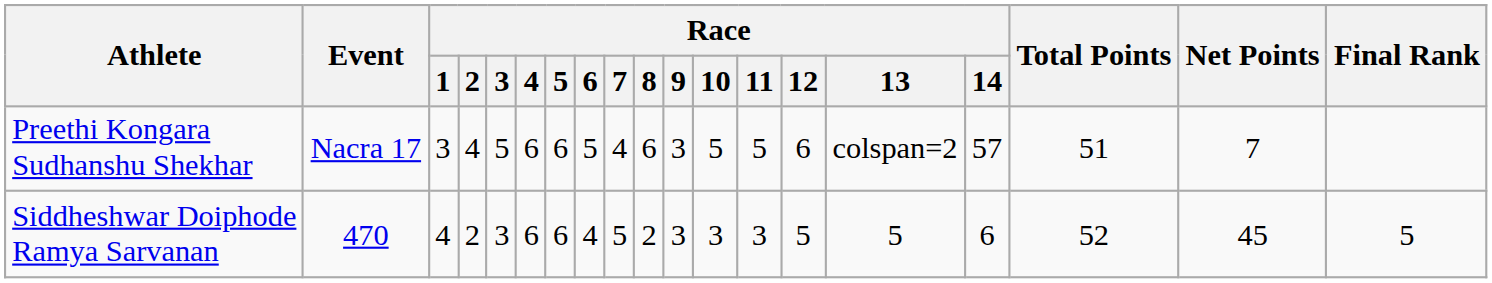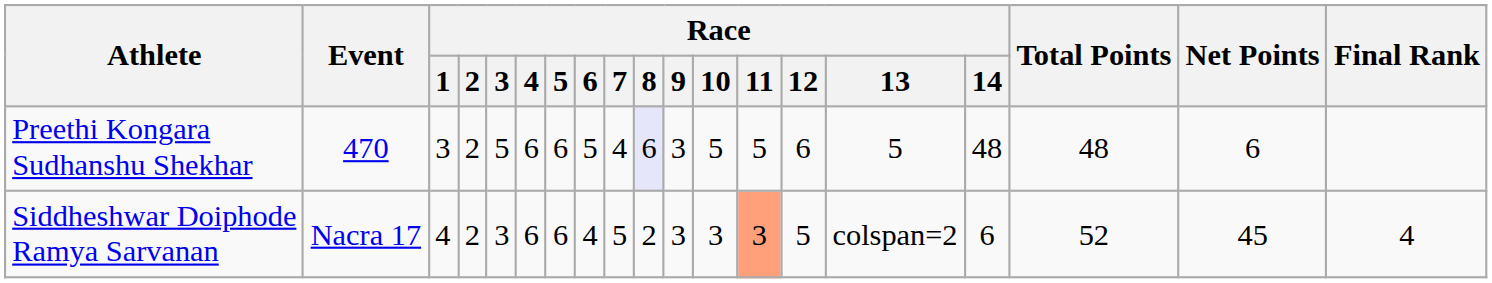 <table class="wikitable" style="text-align:center; font-size:90%">
 <tr>
 <th rowspan="2">Athlete</th>
 <th rowspan="2">Event</th>
 <th colspan="14">Race</th>
 <th rowspan="2">Total Points</th>
 <th rowspan="2">Net Points</th>
 <th rowspan="2">Final Rank</th>
 </tr>
 <tr>
 <th>1</th>
 <th>2</th>
 <th>3</th>
 <th>4</th>
 <th>5</th>
 <th>6</th>
 <th>7</th>
 <th>8</th>
 <th>9</th>
 <th>10</th>
 <th>11</th>
 <th>12</th>
 <th>13</th>
 <th>14</th>
 </tr>
 <tr>
 <td style="text-align:left"><a href='#'>Preethi Kongara</a><br><a href='#'>Sudhanshu Shekhar</a></td>
-<td><a href='#'>Nacra 17</a></td>
+<td><a href='#'>470</a></td>
 <td>3</td>
-<td>4</td>
+<td>2</td>
 <td>5</td>
 <td>6</td>
 <td>6</td>
 <td>5</td>
 <td>4</td>
-<td>6</td>
+<td style="background: lavender;">6</td>
 <td>3</td>
 <td>5</td>
 <td>5</td>
 <td>6</td>
-<td>colspan=2 </td>
-<td>57</td>
-<td>51</td>
-<td>7</td>
+<td>5</td>
+<td>48</td>
+<td>48</td>
+<td>6</td>
 </tr>
 <tr>
 <td style="text-align:left"><a href='#'>Siddheshwar Doiphode</a><br><a href='#'>Ramya Sarvanan</a></td>
-<td><a href='#'>470</a></td>
+<td><a href='#'>Nacra 17</a></td>
 <td>4</td>
 <td>2</td>
 <td>3</td>
 <td>6</td>
 <td>6<br></td>
 <td>4</td>
 <td>5</td>
 <td>2</td>
 <td>3</td>
 <td>3</td>
-<td>3</td>
+<td style="background: lightsalmon;">3</td>
 <td>5</td>
-<td>5</td>
+<td>colspan=2 </td>
 <td>6</td>
 <td>52</td>
 <td>45</td>
-<td>5</td>
+<td>4</td>
 </tr>
 </table>
